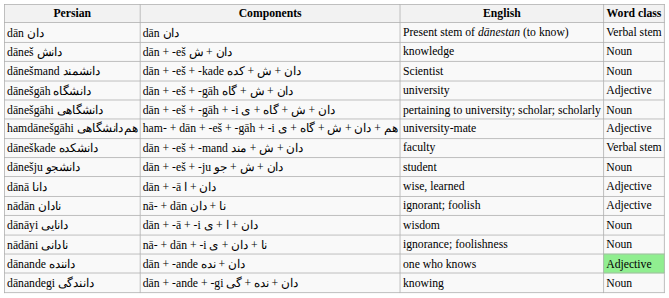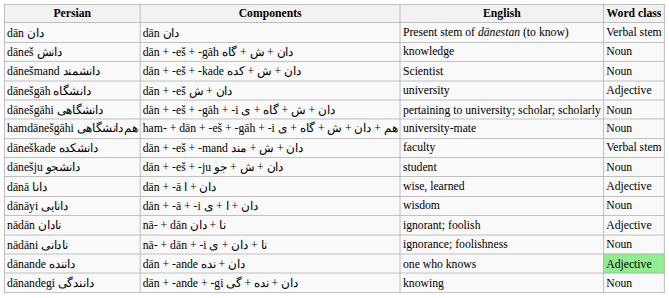 <table class="wikitable">
 <tr>
 <th>Persian</th>
 <th>Components</th>
 <th>English</th>
 <th>Word class</th>
 </tr>
 <tr>
 <td>dān دان</td>
 <td>dān دان</td>
 <td>Present stem of <em>dānestan</em> (to know)</td>
 <td>Verbal stem</td>
 </tr>
 <tr>
 <td>dāneš دانش</td>
-<td>dān + -eš دان + ش</td>
+<td>dān + -eš + -gāh دان + ش + گاه</td>
 <td>knowledge</td>
 <td>Noun</td>
 </tr>
 <tr>
 <td>dānešmand دانشمند</td>
 <td>dān + -eš + -kade دان + ش + کده</td>
 <td>Scientist</td>
 <td>Noun</td>
 </tr>
 <tr>
 <td>dānešgāh دانشگاه</td>
-<td>dān + -eš + -gāh دان + ش + گاه</td>
+<td>dān + -eš دان + ش</td>
 <td>university</td>
 <td>Adjective</td>
 </tr>
 <tr>
 <td>dānešgāhi دانشگاهی</td>
 <td>dān + -eš + -gāh + -i دان + ش + گاه + ی</td>
 <td>pertaining to university; scholar; scholarly</td>
 <td>Noun</td>
 </tr>
 <tr>
 <td>hamdānešgāhi هم‌دانشگاهی</td>
 <td>ham- + dān + -eš + -gāh + -i هم + دان + ش + گاه + ی</td>
 <td>university-mate</td>
-<td>Adjective</td>
+<td>Noun</td>
 </tr>
 <tr>
 <td>dāneškade دانشکده</td>
 <td>dān + -eš + -mand دان + ش + مند</td>
 <td>faculty</td>
 <td>Verbal stem</td>
 </tr>
 <tr>
 <td>dānešju دانشجو</td>
 <td>dān + -eš + -ju دان + ش + جو</td>
 <td>student</td>
 <td>Noun</td>
 </tr>
 <tr>
 <td>dānā دانا</td>
 <td>dān + -ā دان + ا</td>
 <td>wise, learned</td>
 <td>Adjective</td>
 </tr>
 <tr>
+<td>dānāyi دانایی</td>
+<td>dān + -ā + -i دان + ا + ی</td>
+<td>wisdom</td>
+<td>Noun</td>
+</tr>
+<tr>
 <td>nādān نادان</td>
 <td>nā- + dān نا + دان</td>
 <td>ignorant; foolish</td>
 <td>Adjective</td>
-</tr>
-<tr>
-<td>dānāyi دانایی</td>
-<td>dān + -ā + -i دان + ا + ی</td>
-<td>wisdom</td>
-<td>Noun</td>
 </tr>
 <tr>
 <td>nādāni نادانی</td>
 <td>nā- + dān + -i نا + دان + ی</td>
 <td>ignorance; foolishness</td>
 <td>Noun</td>
 </tr>
 <tr>
 <td>dānande داننده</td>
 <td>dān + -ande دان + نده</td>
 <td>one who knows</td>
 <td style="background: lightgreen;">Adjective</td>
 </tr>
 <tr>
 <td>dānandegi دانندگی</td>
 <td>dān + -ande + -gi دان + نده + گی</td>
 <td>knowing</td>
 <td>Noun</td>
 </tr>
 </table>
